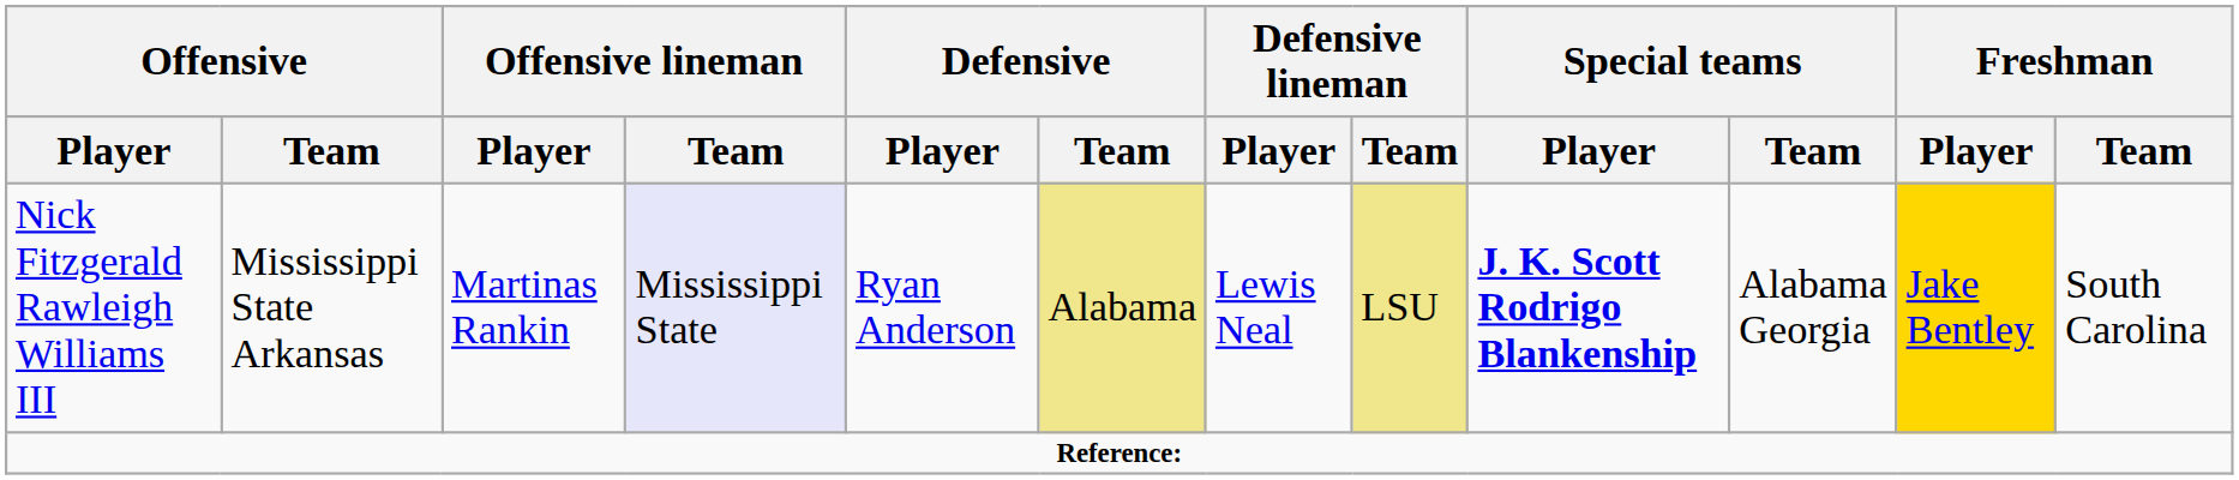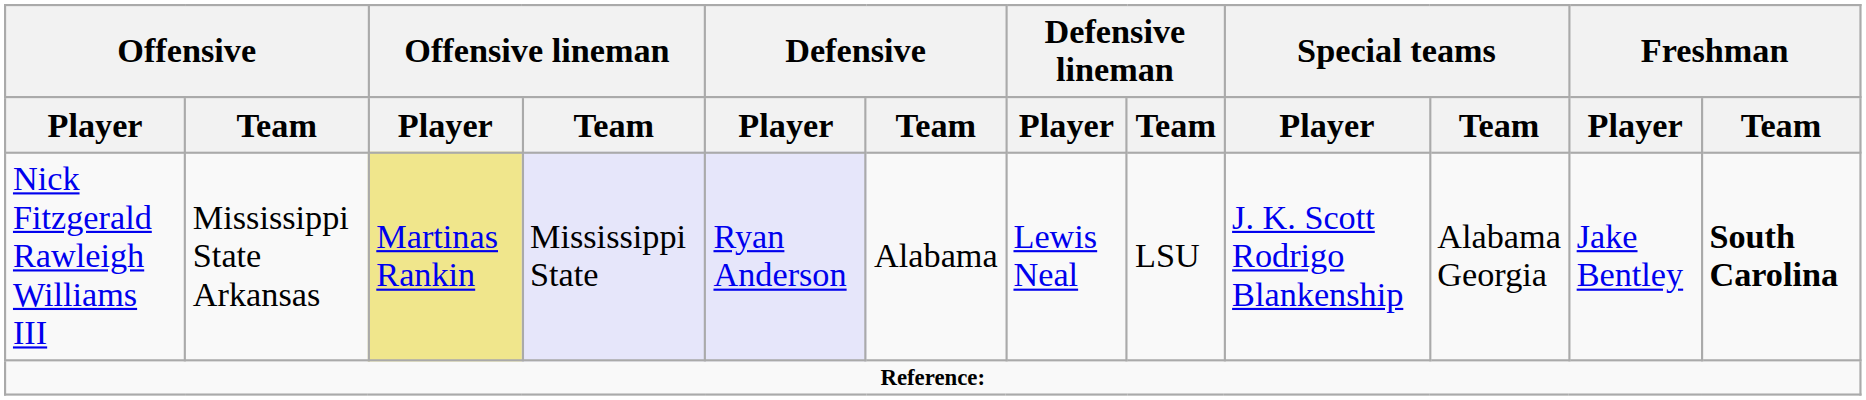 <table class="wikitable">
 <tr>
 <th colspan="2">Offensive</th>
 <th colspan="2">Offensive lineman</th>
 <th colspan="2">Defensive</th>
 <th colspan="2">Defensive lineman</th>
 <th colspan="2">Special teams</th>
 <th colspan="2">Freshman</th>
 </tr>
 <tr>
 <th>Player</th>
 <th>Team</th>
 <th>Player</th>
 <th>Team</th>
 <th>Player</th>
 <th>Team</th>
 <th>Player</th>
 <th>Team</th>
 <th>Player</th>
 <th>Team</th>
 <th>Player</th>
 <th>Team</th>
 </tr>
 <tr>
 <td><a href='#'>Nick Fitzgerald</a><br><a href='#'>Rawleigh Williams III</a></td>
 <td>Mississippi State<br>Arkansas</td>
-<td><a href='#'>Martinas Rankin</a></td>
+<td style="background: khaki;"><a href='#'>Martinas Rankin</a></td>
 <td style="background: lavender;">Mississippi State</td>
-<td><a href='#'>Ryan Anderson</a></td>
-<td style="background: khaki;">Alabama</td>
+<td style="background: lavender;"><a href='#'>Ryan Anderson</a></td>
+<td>Alabama</td>
 <td><a href='#'>Lewis Neal</a></td>
-<td style="background: khaki;">LSU</td>
-<td><strong><a href='#'>J. K. Scott</a><br><a href='#'>Rodrigo Blankenship</a></strong></td>
+<td>LSU</td>
+<td><a href='#'>J. K. Scott</a><br><a href='#'>Rodrigo Blankenship</a></td>
 <td>Alabama<br>Georgia</td>
-<td style="background: gold;"><a href='#'>Jake Bentley</a></td>
-<td>South Carolina</td>
+<td><a href='#'>Jake Bentley</a></td>
+<td><strong>South Carolina</strong></td>
 </tr>
 <tr>
 <td colspan="12"  style="font-size:8pt; text-align:center;"><strong>Reference:</strong></td>
 </tr>
 </table>
